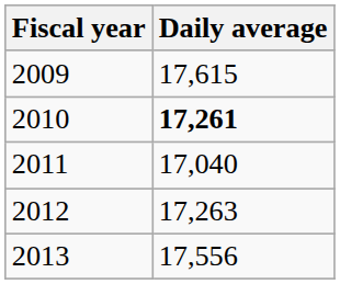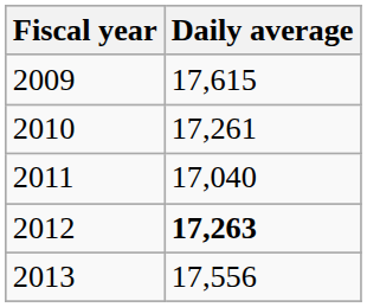 <table class="wikitable">
 <tr>
 <th>Fiscal year</th>
 <th>Daily average</th>
 </tr>
 <tr>
 <td>2009</td>
 <td>17,615</td>
 </tr>
 <tr>
 <td>2010</td>
-<td><strong>17,261</strong></td>
+<td>17,261</td>
 </tr>
 <tr>
 <td>2011</td>
 <td>17,040</td>
 </tr>
 <tr>
 <td>2012</td>
-<td>17,263</td>
+<td><strong>17,263</strong></td>
 </tr>
 <tr>
 <td>2013</td>
 <td>17,556</td>
 </tr>
 </table>
